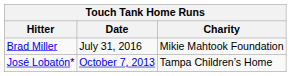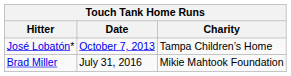 <table class="wikitable">
 <tr>
 <th colspan="3">Touch Tank Home Runs</th>
 </tr>
 <tr>
 <th>Hitter</th>
 <th>Date</th>
 <th>Charity</th>
 </tr>
 <tr>
+<td><a href='#'>José Lobatón</a>*</td>
+<td><a href='#'>October 7, 2013</a></td>
+<td>Tampa Children’s Home</td>
+</tr>
+<tr>
 <td><a href='#'>Brad Miller</a></td>
 <td>July 31, 2016</td>
 <td>Mikie Mahtook Foundation</td>
 </tr>
-<tr>
-<td><a href='#'>José Lobatón</a>*</td>
-<td><a href='#'>October 7, 2013</a></td>
-<td>Tampa Children’s Home</td>
-</tr>
 </table>
